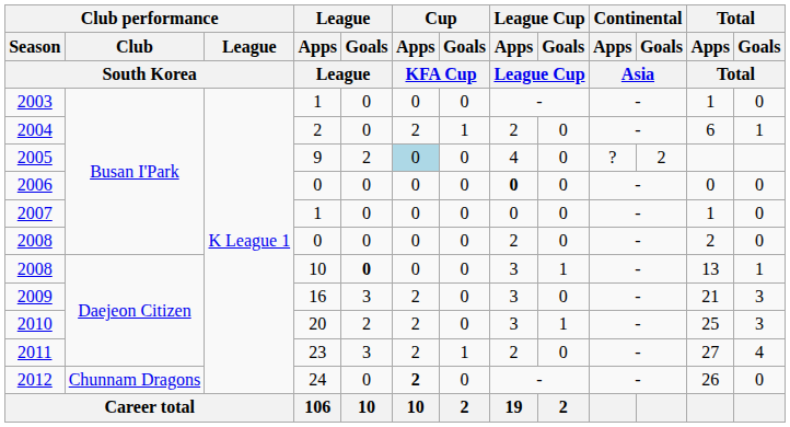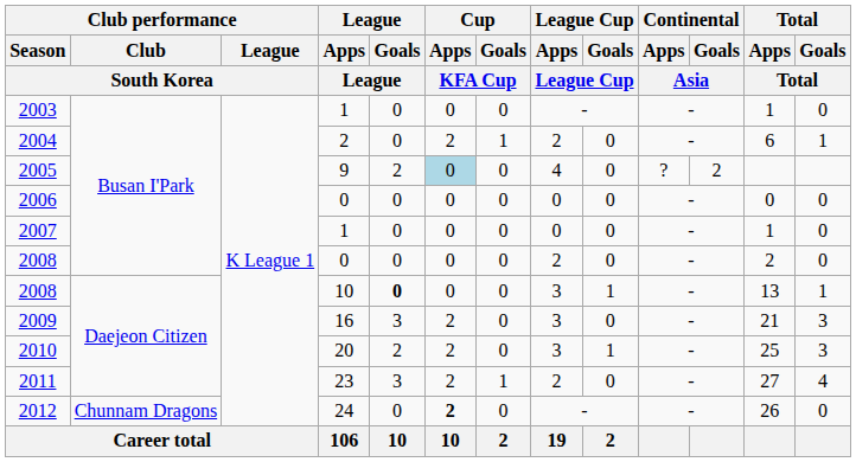 <table class="wikitable" style="text-align:center">
 <tr>
 <th colspan=3>Club performance</th>
 <th colspan=2>League</th>
 <th colspan=2>Cup</th>
 <th colspan=2>League Cup</th>
 <th colspan=2>Continental</th>
 <th colspan=2>Total</th>
 </tr>
 <tr>
 <th>Season</th>
 <th>Club</th>
 <th>League</th>
 <th>Apps</th>
 <th>Goals</th>
 <th>Apps</th>
 <th>Goals</th>
 <th>Apps</th>
 <th>Goals</th>
 <th>Apps</th>
 <th>Goals</th>
 <th>Apps</th>
 <th>Goals</th>
 </tr>
 <tr>
 </tr>
 <tr>
 <th colspan=3>South Korea</th>
 <th colspan=2>League</th>
 <th colspan=2><a href='#'>KFA Cup</a></th>
 <th colspan=2><a href='#'>League Cup</a></th>
 <th colspan=2><a href='#'>Asia</a></th>
 <th colspan=2>Total</th>
 </tr>
 <tr>
 <td><a href='#'>2003</a></td>
 <td rowspan="6"><a href='#'>Busan I'Park</a></td>
 <td rowspan="11"><a href='#'>K League 1</a></td>
 <td>1</td>
 <td>0</td>
 <td>0</td>
 <td>0</td>
 <td colspan="2">-</td>
 <td colspan="2">-</td>
 <td>1</td>
 <td>0</td>
 </tr>
 <tr>
 <td><a href='#'>2004</a></td>
 <td>2</td>
 <td>0</td>
 <td>2</td>
 <td>1</td>
 <td>2</td>
 <td>0</td>
 <td colspan="2">-</td>
 <td>6</td>
 <td>1</td>
 </tr>
 <tr>
 <td><a href='#'>2005</a></td>
 <td>9</td>
 <td>2</td>
 <td style="background: lightblue;">0</td>
 <td>0</td>
 <td>4</td>
 <td>0</td>
 <td>?</td>
 <td>2</td>
 <td></td>
 <td></td>
 </tr>
 <tr>
 <td><a href='#'>2006</a></td>
 <td>0</td>
 <td>0</td>
 <td>0</td>
 <td>0</td>
-<td><strong>0</strong></td>
+<td>0</td>
 <td>0</td>
 <td colspan="2">-</td>
 <td>0</td>
 <td>0</td>
 </tr>
 <tr>
 <td><a href='#'>2007</a></td>
 <td>1</td>
 <td>0</td>
 <td>0</td>
 <td>0</td>
 <td>0</td>
 <td>0</td>
 <td colspan="2">-</td>
 <td>1</td>
 <td>0</td>
 </tr>
 <tr>
 <td><a href='#'>2008</a></td>
 <td>0</td>
 <td>0</td>
 <td>0</td>
 <td>0</td>
 <td>2</td>
 <td>0</td>
 <td colspan="2">-</td>
 <td>2</td>
 <td>0</td>
 </tr>
 <tr>
 <td><a href='#'>2008</a></td>
 <td rowspan="4"><a href='#'>Daejeon Citizen</a></td>
 <td>10</td>
 <td><strong>0</strong></td>
 <td>0</td>
 <td>0</td>
 <td>3</td>
 <td>1</td>
 <td colspan="2">-</td>
 <td>13</td>
 <td>1</td>
 </tr>
 <tr>
 <td><a href='#'>2009</a></td>
 <td>16</td>
 <td>3</td>
 <td>2</td>
 <td>0</td>
 <td>3</td>
 <td>0</td>
 <td colspan="2">-</td>
 <td>21</td>
 <td>3</td>
 </tr>
 <tr>
 <td><a href='#'>2010</a></td>
 <td>20</td>
 <td>2</td>
 <td>2</td>
 <td>0</td>
 <td>3</td>
 <td>1</td>
 <td colspan="2">-</td>
 <td>25</td>
 <td>3</td>
 </tr>
 <tr>
 <td><a href='#'>2011</a></td>
 <td>23</td>
 <td>3</td>
 <td>2</td>
 <td>1</td>
 <td>2</td>
 <td>0</td>
 <td colspan="2">-</td>
 <td>27</td>
 <td>4</td>
 </tr>
 <tr>
 <td><a href='#'>2012</a></td>
 <td rowspan="1"><a href='#'>Chunnam Dragons</a></td>
 <td>24</td>
 <td>0</td>
 <td><strong>2</strong></td>
 <td>0</td>
 <td colspan="2">-</td>
 <td colspan="2">-</td>
 <td>26</td>
 <td>0</td>
 </tr>
 <tr>
 <th colspan=3>Career total</th>
 <th>106</th>
 <th>10</th>
 <th>10</th>
 <th>2</th>
 <th>19</th>
 <th>2</th>
 <th></th>
 <th></th>
 <th></th>
 <th></th>
 </tr>
 </table>
